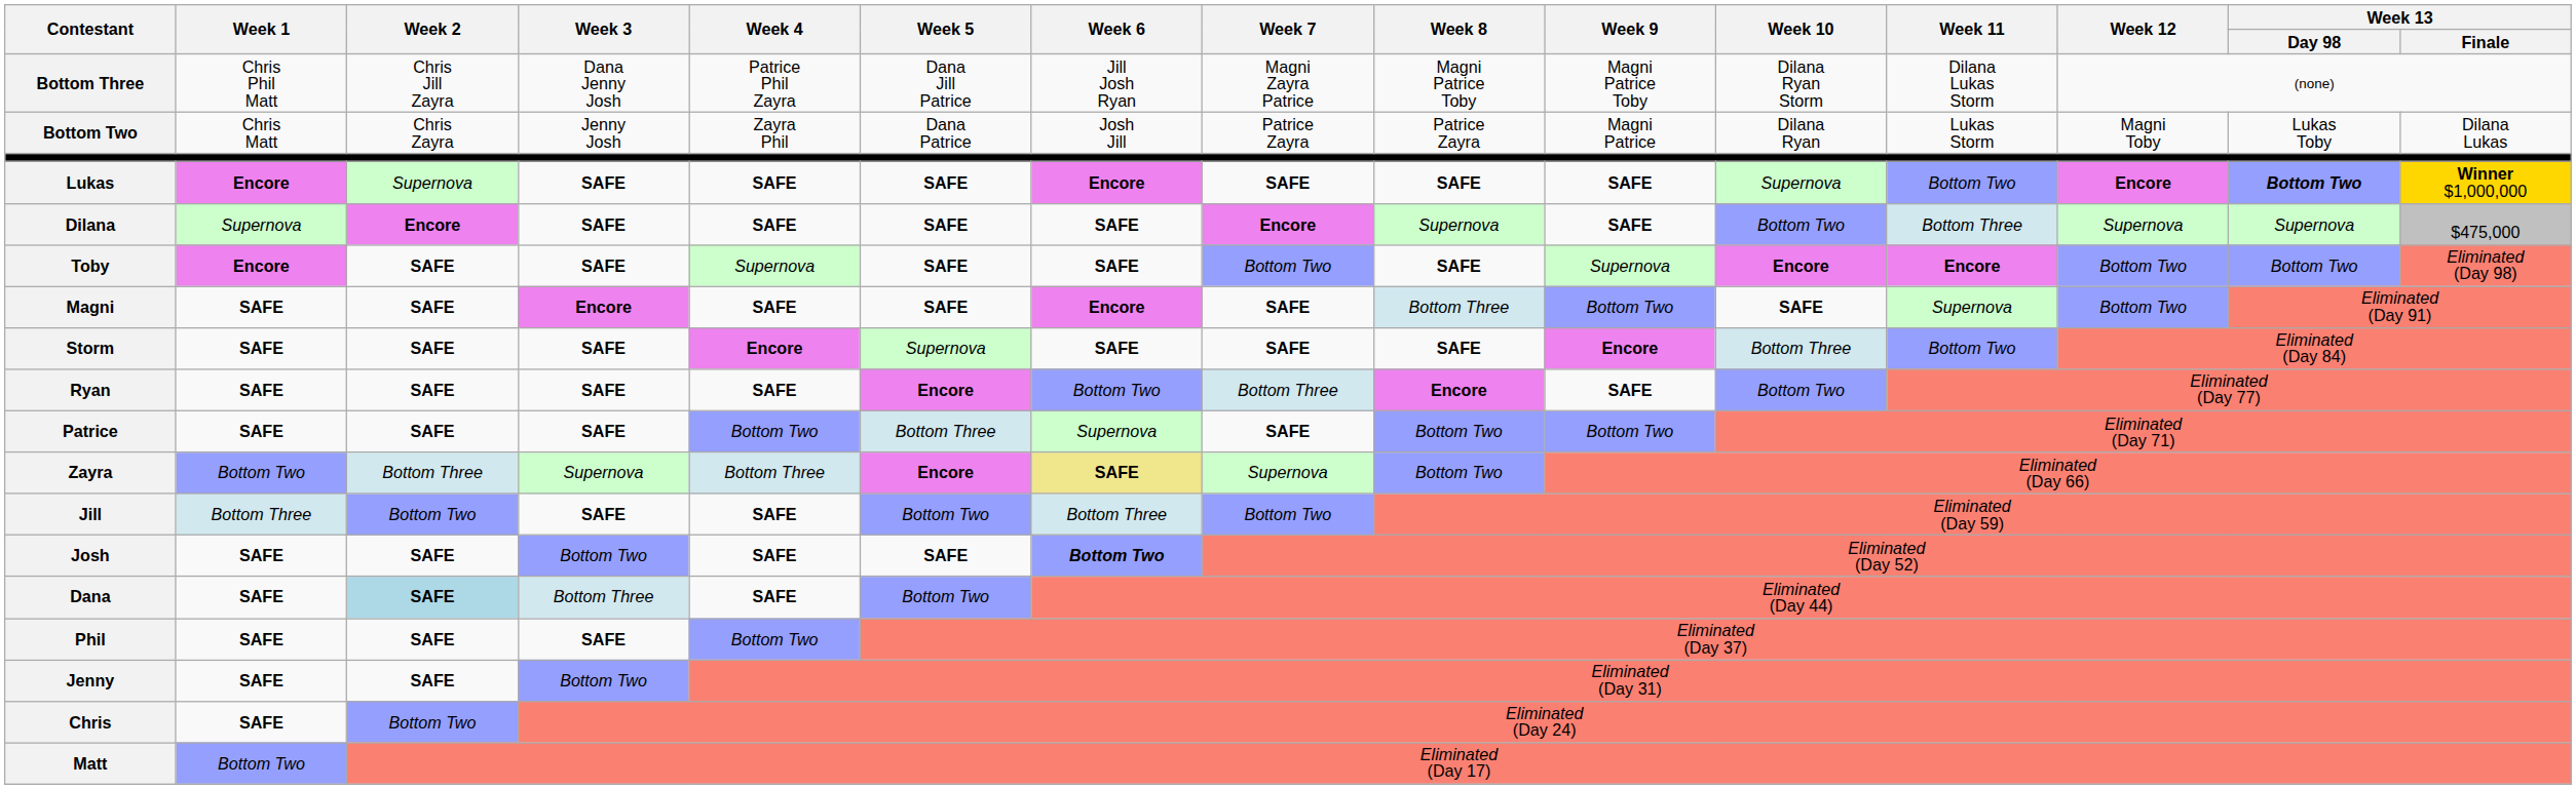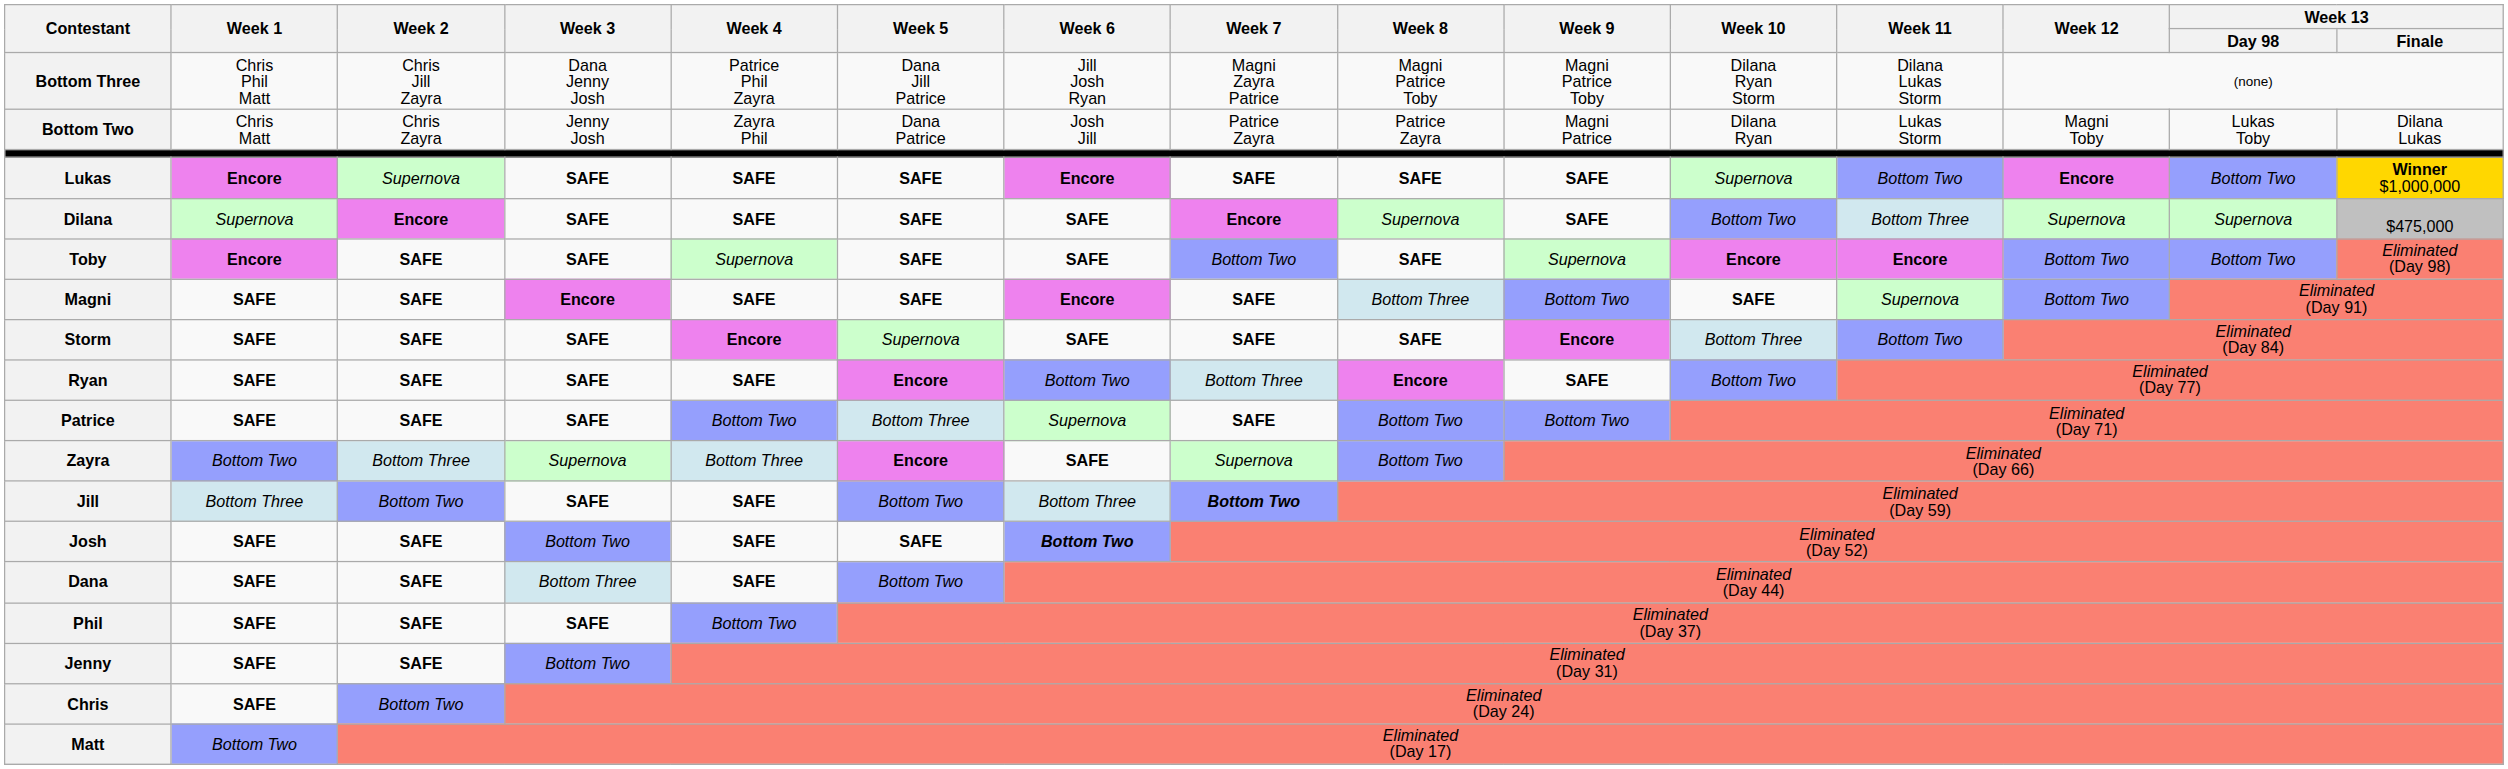 <table class="wikitable" style="text-align:center; font-size:80%; width:100%; line-height:13px;">
 <tr>
 <th rowspan="2" style="width:5%">Contestant</th>
 <th rowspan="2" style="width:5%">Week 1</th>
 <th rowspan="2" style="width:5%">Week 2</th>
 <th rowspan="2" style="width:5%">Week 3</th>
 <th rowspan="2" style="width:5%">Week 4</th>
 <th rowspan="2" style="width:5%">Week 5</th>
 <th rowspan="2" style="width:5%">Week 6</th>
 <th rowspan="2" style="width:5%">Week 7</th>
 <th rowspan="2" style="width:5%">Week 8</th>
 <th rowspan="2" style="width:5%">Week 9</th>
 <th rowspan="2" style="width:5%">Week 10</th>
 <th rowspan="2" style="width:5%">Week 11</th>
 <th rowspan="2" style="width:5%">Week 12</th>
 <th colspan="2" style="width:5%">Week 13</th>
 </tr>
 <tr>
 <th style="width:5%">Day 98</th>
 <th style="width:5%">Finale</th>
 </tr>
 <tr>
 <th>Bottom Three</th>
 <td>Chris<br>Phil<br>Matt</td>
 <td>Chris <br>Jill<br>Zayra</td>
 <td>Dana<br>Jenny<br>Josh</td>
 <td>Patrice<br>Phil<br>Zayra</td>
 <td>Dana<br>Jill<br>Patrice</td>
 <td>Jill<br>Josh<br>Ryan</td>
 <td>Magni<br>Zayra<br>Patrice</td>
 <td>Magni<br>Patrice<br>Toby</td>
 <td>Magni<br>Patrice<br>Toby</td>
 <td>Dilana<br>Ryan<br>Storm</td>
 <td>Dilana<br>Lukas<br>Storm</td>
 <td colspan="3"><small>(none)</small></td>
 </tr>
 <tr>
 <th>Bottom Two</th>
 <td>Chris<br>Matt</td>
 <td>Chris<br>Zayra</td>
 <td>Jenny<br>Josh</td>
 <td>Zayra <br>Phil</td>
 <td>Dana<br>Patrice</td>
 <td>Josh<br>Jill</td>
 <td>Patrice<br>Zayra</td>
 <td>Patrice<br>Zayra</td>
 <td>Magni<br>Patrice</td>
 <td>Dilana<br>Ryan</td>
 <td>Lukas<br>Storm</td>
 <td>Magni<br>Toby</td>
 <td>Lukas<br>Toby</td>
 <td>Dilana<br>Lukas</td>
 </tr>
 <tr>
 <th style="background:#000" colspan="17"></th>
 </tr>
 <tr>
 <th>Lukas</th>
 <td style="background:violet"><strong>Encore</strong></td>
 <td style="background:#cfc"><em>Supernova</em></td>
 <td><strong>SAFE</strong></td>
 <td><strong>SAFE</strong></td>
 <td><strong>SAFE</strong></td>
 <td style="background:violet"><strong>Encore</strong></td>
 <td><strong>SAFE</strong></td>
 <td><strong>SAFE</strong></td>
 <td><strong>SAFE</strong></td>
 <td style="background:#cfc"><em>Supernova</em></td>
 <td style="background:#959ffd"><em>Bottom Two</em></td>
 <td style="background:violet"><strong>Encore</strong></td>
-<td style="background:#959ffd"><strong><em>Bottom Two</em></strong></td>
+<td style="background:#959ffd"><em>Bottom Two</em></td>
 <td style="background:gold"><strong>Winner</strong><br> $1,000,000</td>
 </tr>
 <tr>
 <th>Dilana</th>
 <td style="background:#cfc"><em>Supernova</em></td>
 <td style="background:violet"><strong>Encore</strong></td>
 <td><strong>SAFE</strong></td>
 <td><strong>SAFE</strong></td>
 <td><strong>SAFE</strong></td>
 <td><strong>SAFE</strong></td>
 <td style="background:violet"><strong>Encore</strong></td>
 <td style="background:#cfc"><em>Supernova</em></td>
 <td><strong>SAFE</strong></td>
 <td style="background:#959ffd"><em>Bottom Two</em></td>
 <td style="background:#D1E8EF"><em>Bottom Three</em></td>
 <td style="background:#cfc"><em>Supernova</em></td>
 <td style="background:#cfc"><em>Supernova</em></td>
 <td style="background:silver"><strong></strong> <br> $475,000</td>
 </tr>
 <tr>
 <th>Toby</th>
 <td style="background:violet"><strong>Encore</strong></td>
 <td><strong>SAFE</strong></td>
 <td><strong>SAFE</strong></td>
 <td style="background:#cfc"><em>Supernova</em></td>
 <td><strong>SAFE</strong></td>
 <td><strong>SAFE</strong></td>
 <td style="background:#959ffd"><em>Bottom Two</em></td>
 <td><strong>SAFE</strong></td>
 <td style="background:#cfc"><em>Supernova</em></td>
 <td style="background:violet"><strong>Encore</strong></td>
 <td style="background:violet"><strong>Encore</strong></td>
 <td style="background:#959ffd"><em>Bottom Two</em></td>
 <td style="background:#959ffd"><em>Bottom Two</em></td>
 <td colspan="4" style="background:salmon"><em>Eliminated</em><br>(Day 98)</td>
 </tr>
 <tr>
 <th>Magni</th>
 <td><strong>SAFE</strong></td>
 <td><strong>SAFE</strong></td>
 <td style="background:violet"><strong>Encore</strong></td>
 <td><strong>SAFE</strong></td>
 <td><strong>SAFE</strong></td>
 <td style="background:violet"><strong>Encore</strong></td>
 <td><strong>SAFE</strong></td>
 <td style="background:#D1E8EF"><em>Bottom Three</em></td>
 <td style="background:#959ffd"><em>Bottom Two</em></td>
 <td><strong>SAFE</strong></td>
 <td style="background:#cfc"><em>Supernova</em></td>
 <td style="background:#959ffd"><em>Bottom Two</em></td>
 <td colspan="4" style="background:salmon"><em>Eliminated</em><br>(Day 91)</td>
 </tr>
 <tr>
 <th>Storm</th>
 <td><strong>SAFE</strong></td>
 <td><strong>SAFE</strong></td>
 <td><strong>SAFE</strong></td>
 <td style="background:violet"><strong>Encore</strong></td>
 <td style="background:#cfc"><em>Supernova</em></td>
 <td><strong>SAFE</strong></td>
 <td><strong>SAFE</strong></td>
 <td><strong>SAFE</strong></td>
 <td style="background:violet"><strong>Encore</strong></td>
 <td style="background:#D1E8EF"><em>Bottom Three</em></td>
 <td style="background:#959ffd"><em>Bottom Two</em></td>
 <td colspan="6" style="background:salmon"><em>Eliminated</em><br>(Day 84)</td>
 </tr>
 <tr>
 <th>Ryan</th>
 <td><strong>SAFE</strong></td>
 <td><strong>SAFE</strong></td>
 <td><strong>SAFE</strong></td>
 <td><strong>SAFE</strong></td>
 <td style="background:violet"><strong>Encore</strong></td>
 <td style="background:#959ffd"><em>Bottom Two</em></td>
 <td style="background:#D1E8EF"><em>Bottom Three</em></td>
 <td style="background:violet"><strong>Encore</strong></td>
 <td><strong>SAFE</strong></td>
 <td style="background:#959ffd"><em>Bottom Two</em></td>
 <td colspan="7" style="background:salmon"><em>Eliminated</em><br>(Day 77)</td>
 </tr>
 <tr>
 <th>Patrice</th>
 <td><strong>SAFE</strong></td>
 <td><strong>SAFE</strong></td>
 <td><strong>SAFE</strong></td>
 <td style="background:#959ffd"><em>Bottom Two</em></td>
 <td style="background:#D1E8EF"><em>Bottom Three</em></td>
 <td style="background:#cfc"><em>Supernova</em></td>
 <td><strong>SAFE</strong></td>
 <td style="background:#959ffd"><em>Bottom Two</em></td>
 <td style="background:#959ffd"><em>Bottom Two</em></td>
 <td colspan="7" style="background:salmon"><em>Eliminated</em><br>(Day 71)</td>
 </tr>
 <tr>
 <th>Zayra</th>
 <td style="background:#959ffd"><em>Bottom Two</em></td>
 <td style="background:#D1E8EF"><em>Bottom Three</em></td>
 <td style="background:#cfc"><em>Supernova</em></td>
 <td style="background:#D1E8EF"><em>Bottom Three</em></td>
 <td style="background:violet"><strong>Encore</strong></td>
-<td style="background: khaki;"><strong>SAFE</strong></td>
+<td><strong>SAFE</strong></td>
 <td style="background:#cfc"><em>Supernova</em></td>
 <td style="background:#959ffd"><em>Bottom Two</em></td>
 <td colspan="8" style="background:salmon"><em>Eliminated</em><br>(Day 66)</td>
 </tr>
 <tr>
 <th>Jill</th>
 <td style="background:#D1E8EF"><em>Bottom Three</em></td>
 <td style="background:#959ffd"><em>Bottom Two</em></td>
 <td><strong>SAFE</strong></td>
 <td><strong>SAFE</strong></td>
 <td style="background:#959ffd"><em>Bottom Two</em></td>
 <td style="background:#D1E8EF"><em>Bottom Three</em></td>
-<td style="background:#959ffd"><em>Bottom Two</em></td>
+<td style="background:#959ffd"><strong><em>Bottom Two</em></strong></td>
 <td colspan="9" style="background:salmon"><em>Eliminated</em><br>(Day 59)</td>
 </tr>
 <tr>
 <th>Josh</th>
 <td><strong>SAFE</strong></td>
 <td><strong>SAFE</strong></td>
 <td style="background:#959ffd"><em>Bottom Two</em></td>
 <td><strong>SAFE</strong></td>
 <td><strong>SAFE</strong></td>
 <td style="background:#959ffd"><strong><em>Bottom Two</em></strong></td>
 <td colspan="10" style="background:salmon"><em>Eliminated</em><br>(Day 52)</td>
 </tr>
 <tr>
 <th>Dana</th>
 <td><strong>SAFE</strong></td>
-<td style="background: lightblue;"><strong>SAFE</strong></td>
+<td><strong>SAFE</strong></td>
 <td style="background:#D1E8EF"><em>Bottom Three</em></td>
 <td><strong>SAFE</strong></td>
 <td style="background:#959ffd"><em>Bottom Two</em></td>
 <td colspan="11" style="background:salmon"><em>Eliminated</em><br>(Day 44)</td>
 </tr>
 <tr>
 <th>Phil</th>
 <td><strong>SAFE</strong></td>
 <td><strong>SAFE</strong></td>
 <td><strong>SAFE</strong></td>
 <td style="background:#959ffd"><em>Bottom Two</em></td>
 <td colspan="12" style="background:salmon"><em>Eliminated</em><br>(Day 37)</td>
 </tr>
 <tr>
 <th>Jenny</th>
 <td><strong>SAFE</strong></td>
 <td><strong>SAFE</strong></td>
 <td style="background:#959ffd"><em>Bottom Two</em></td>
 <td colspan="13" style="background:salmon"><em>Eliminated</em><br>(Day 31)</td>
 </tr>
 <tr>
 <th>Chris</th>
 <td><strong>SAFE</strong></td>
 <td style="background:#959ffd"><em>Bottom Two</em></td>
 <td colspan="14" style="background:salmon"><em>Eliminated</em><br>(Day 24)</td>
 </tr>
 <tr>
 <th>Matt</th>
 <td style="background:#959ffd"><em>Bottom Two</em></td>
 <td colspan="15" style="background:salmon"><em>Eliminated</em><br>(Day 17)</td>
 </tr>
 <tr>
 </tr>
 </table>
